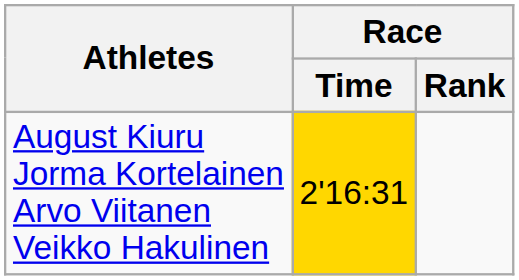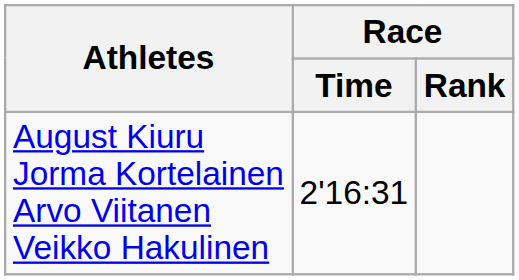 <table class="wikitable" border="1" style="font-size:90%">
 <tr>
 <th rowspan=2>Athletes</th>
 <th colspan=2>Race</th>
 </tr>
 <tr>
 <th>Time</th>
 <th>Rank</th>
 </tr>
 <tr>
 <td><a href='#'>August Kiuru</a><br><a href='#'>Jorma Kortelainen</a><br><a href='#'>Arvo Viitanen</a><br><a href='#'>Veikko Hakulinen</a></td>
-<td align=center style="background: gold;">2'16:31</td>
+<td align=center>2'16:31</td>
 <td align=center></td>
 </tr>
 </table>
